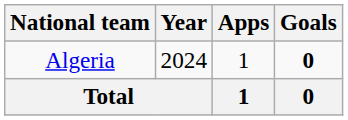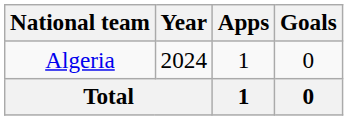 <table class=wikitable style=text-align:center>
 <tr>
 <th>National team</th>
 <th>Year</th>
 <th>Apps</th>
 <th>Goals</th>
 </tr>
 <tr>
 <td><a href='#'>Algeria</a></td>
 <td>2024</td>
 <td>1</td>
-<td><strong>0</strong></td>
+<td>0</td>
 </tr>
 <tr>
 <th colspan="2">Total</th>
 <th>1</th>
 <th>0</th>
 </tr>
 </table>
